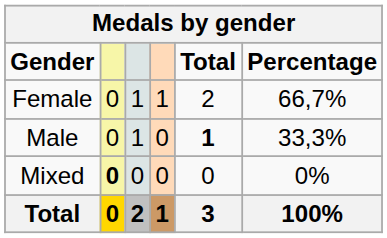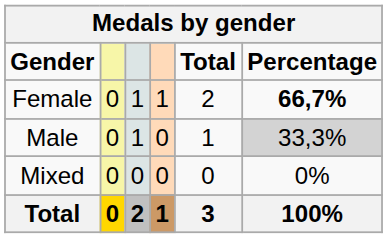 <table class=wikitable style="font-size:85%; float:right;text-align:center">
 <tr bgcolor=EFEFEF>
 <th colspan=6>Medals by gender</th>
 </tr>
 <tr>
 <td><strong>Gender</strong></td>
 <td bgcolor=F7F6A8></td>
 <td bgcolor=DCE5E5></td>
 <td bgcolor=FFDAB9></td>
 <td><strong>Total</strong></td>
 <td><strong>Percentage</strong></td>
 </tr>
 <tr>
 <td>Female</td>
 <td bgcolor=F7F6A8>0</td>
 <td bgcolor=DCE5E5>1</td>
 <td bgcolor=FFDAB9>1</td>
 <td>2</td>
-<td>66,7%</td>
+<td><strong>66,7%</strong></td>
 </tr>
 <tr>
 <td>Male</td>
 <td bgcolor=F7F6A8>0</td>
 <td bgcolor=DCE5E5>1</td>
 <td bgcolor=FFDAB9>0</td>
-<td><strong>1</strong></td>
-<td>33,3%</td>
+<td>1</td>
+<td style="background: lightgrey;">33,3%</td>
 </tr>
 <tr>
 <td>Mixed</td>
-<td bgcolor=F7F6A8><strong>0</strong></td>
+<td bgcolor=F7F6A8>0</td>
 <td bgcolor=DCE5E5>0</td>
 <td bgcolor=FFDAB9>0</td>
 <td>0</td>
 <td>0%</td>
 </tr>
 <tr>
 <th>Total</th>
 <th style="background:gold;">0</th>
 <th style="background:silver;">2</th>
 <th style="background:#c96;">1</th>
 <th>3</th>
 <th>100%</th>
 </tr>
 </table>
